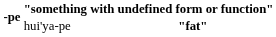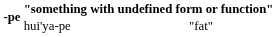 <table>
 <tr>
 <th rowspan="2">-pe</th>
 <th colspan="2">"something with undefined form or function"</th>
 </tr>
 <tr>
 <td>hui'ya-pe</td>
-<td colspan="1"><strong>"fat"</strong></td>
+<td colspan="1">"fat"</td>
 </tr>
 </table>
